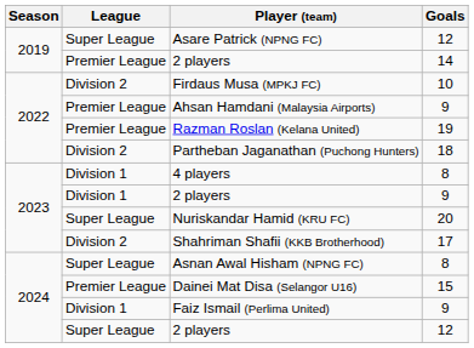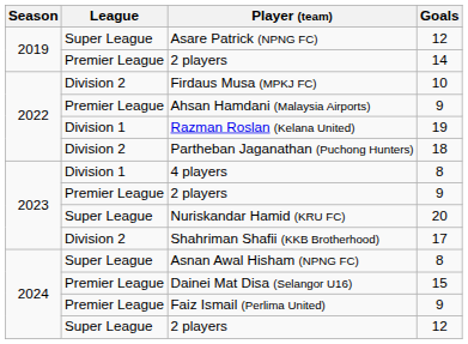 <table class="wikitable sortable">
 <tr>
 <th>Season</th>
 <th>League</th>
 <th>Player <small>(team)</small></th>
 <th>Goals</th>
 </tr>
 <tr>
 <td rowspan="2" align='center'>2019</td>
 <td>Super League</td>
 <td>Asare Patrick <small>(NPNG FC)</small></td>
 <td align='center'>12</td>
 </tr>
 <tr>
 <td>Premier League</td>
 <td>2 players</td>
 <td align='center'>14</td>
 </tr>
 <tr>
 <td rowspan="4" align='center'>2022</td>
 <td>Division 2</td>
 <td>Firdaus Musa <small>(MPKJ FC)</small></td>
 <td align='center'>10</td>
 </tr>
 <tr>
 <td>Premier League</td>
 <td>Ahsan Hamdani <small>(Malaysia Airports)</small></td>
 <td align='center'>9</td>
 </tr>
 <tr>
-<td>Premier League</td>
+<td>Division 1</td>
 <td><a href='#'>Razman Roslan</a> <small>(Kelana United)</small></td>
 <td align='center'>19</td>
 </tr>
 <tr>
 <td>Division 2</td>
 <td>Partheban Jaganathan <small>(Puchong Hunters)</small></td>
 <td align='center'>18</td>
 </tr>
 <tr>
 <td rowspan="4" align='center'>2023</td>
 <td>Division 1</td>
 <td>4 players</td>
 <td align='center'>8</td>
 </tr>
 <tr>
-<td>Division 1</td>
+<td>Premier League</td>
 <td>2 players</td>
 <td align='center'>9</td>
 </tr>
 <tr>
 <td>Super League</td>
 <td>Nuriskandar Hamid <small>(KRU FC)</small></td>
 <td align='center'>20</td>
 </tr>
 <tr>
 <td>Division 2</td>
 <td>Shahriman Shafii <small>(KKB Brotherhood)</small></td>
 <td align='center'>17</td>
 </tr>
 <tr>
 <td rowspan="4" align='center'>2024</td>
 <td>Super League</td>
 <td>Asnan Awal Hisham <small>(NPNG FC)</small></td>
 <td align='center'>8</td>
 </tr>
 <tr>
 <td>Premier League</td>
 <td>Dainei Mat Disa <small>(Selangor U16)</small></td>
 <td align='center'>15</td>
 </tr>
 <tr>
-<td>Division 1</td>
+<td>Premier League</td>
 <td>Faiz Ismail <small>(Perlima United)</small></td>
 <td align='center'>9</td>
 </tr>
 <tr>
 <td>Super League</td>
 <td>2 players</td>
 <td align='center'>12</td>
 </tr>
 </table>
